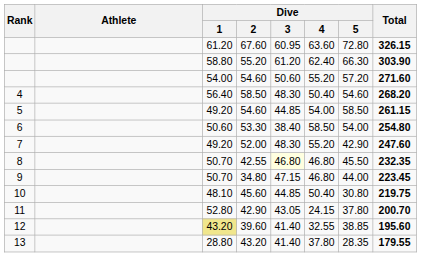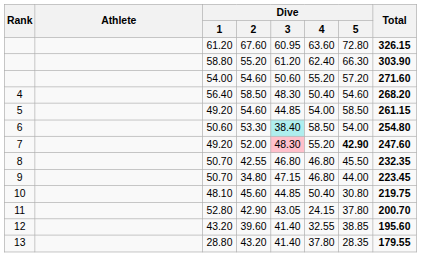 <table class=wikitable style="text-align:center">
 <tr>
 <th rowspan="2" width=40>Rank</th>
 <th rowspan="2" width=250>Athlete</th>
 <th colspan="5">Dive</th>
 <th rowspan="2" width=60>Total</th>
 </tr>
 <tr>
 <th width=45>1</th>
 <th width=45>2</th>
 <th width=45>3</th>
 <th width=45>4</th>
 <th width=45>5</th>
 </tr>
 <tr>
 <td></td>
 <td align=left></td>
 <td>61.20</td>
 <td>67.60</td>
 <td>60.95</td>
 <td>63.60</td>
 <td>72.80</td>
 <td><strong>326.15</strong></td>
 </tr>
 <tr>
 <td></td>
 <td align=left></td>
 <td>58.80</td>
 <td>55.20</td>
 <td>61.20</td>
 <td>62.40</td>
 <td>66.30</td>
 <td><strong>303.90</strong></td>
 </tr>
 <tr>
 <td></td>
 <td align=left></td>
 <td>54.00</td>
 <td>54.60</td>
 <td>50.60</td>
 <td>55.20</td>
 <td>57.20</td>
 <td><strong>271.60</strong></td>
 </tr>
 <tr>
 <td>4</td>
 <td align=left></td>
 <td>56.40</td>
 <td>58.50</td>
 <td>48.30</td>
 <td>50.40</td>
 <td>54.60</td>
 <td><strong>268.20</strong></td>
 </tr>
 <tr>
 <td>5</td>
 <td align=left></td>
 <td>49.20</td>
 <td>54.60</td>
 <td>44.85</td>
 <td>54.00</td>
 <td>58.50</td>
 <td><strong>261.15</strong></td>
 </tr>
 <tr>
 <td>6</td>
 <td align=left></td>
 <td>50.60</td>
 <td>53.30</td>
-<td>38.40</td>
+<td style="background: paleturquoise;">38.40</td>
 <td>58.50</td>
 <td>54.00</td>
 <td><strong>254.80</strong></td>
 </tr>
 <tr>
 <td>7</td>
 <td align=left></td>
 <td>49.20</td>
 <td>52.00</td>
-<td>48.30</td>
+<td style="background: pink;">48.30</td>
 <td>55.20</td>
-<td>42.90</td>
+<td><strong>42.90</strong></td>
 <td><strong>247.60</strong></td>
 </tr>
 <tr>
 <td>8</td>
 <td align=left></td>
 <td>50.70</td>
 <td>42.55</td>
-<td style="background: lightyellow;">46.80</td>
+<td>46.80</td>
 <td>46.80</td>
 <td>45.50</td>
 <td><strong>232.35</strong></td>
 </tr>
 <tr>
 <td>9</td>
 <td align=left></td>
 <td>50.70</td>
 <td>34.80</td>
 <td>47.15</td>
 <td>46.80</td>
 <td>44.00</td>
 <td><strong>223.45</strong></td>
 </tr>
 <tr>
 <td>10</td>
 <td align=left></td>
 <td>48.10</td>
 <td>45.60</td>
 <td>44.85</td>
 <td>50.40</td>
 <td>30.80</td>
 <td><strong>219.75</strong></td>
 </tr>
 <tr>
 <td>11</td>
 <td align=left></td>
 <td>52.80</td>
 <td>42.90</td>
 <td>43.05</td>
 <td>24.15</td>
 <td>37.80</td>
 <td><strong>200.70</strong></td>
 </tr>
 <tr>
 <td>12</td>
 <td align=left></td>
-<td style="background: khaki;">43.20</td>
+<td>43.20</td>
 <td>39.60</td>
 <td>41.40</td>
 <td>32.55</td>
 <td>38.85</td>
 <td><strong>195.60</strong></td>
 </tr>
 <tr>
 <td>13</td>
 <td align=left></td>
 <td>28.80</td>
 <td>43.20</td>
 <td>41.40</td>
 <td>37.80</td>
 <td>28.35</td>
 <td><strong>179.55</strong></td>
 </tr>
 </table>
